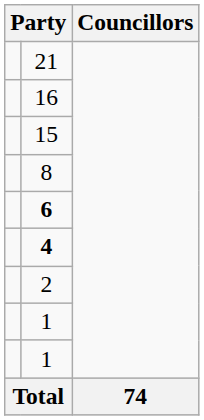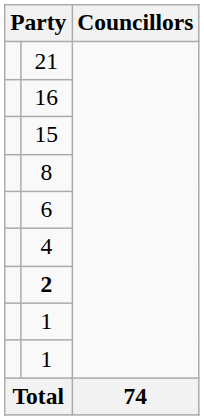 <table class="wikitable">
 <tr>
 <th colspan=2>Party</th>
 <th>Councillors</th>
 </tr>
 <tr>
 <td></td>
 <td align=center>21</td>
 </tr>
 <tr>
 <td></td>
 <td align=center>16</td>
 </tr>
 <tr>
 <td></td>
 <td align=center>15</td>
 </tr>
 <tr>
 <td></td>
 <td align=center>8</td>
 </tr>
 <tr>
 <td></td>
-<td align=center><strong>6</strong></td>
+<td align=center>6</td>
 </tr>
 <tr>
 <td></td>
-<td align=center><strong>4</strong></td>
+<td align=center>4</td>
 </tr>
 <tr>
 <td></td>
-<td align="center">2</td>
+<td align="center"><strong>2</strong></td>
 </tr>
 <tr>
 <td></td>
 <td align=center>1</td>
 </tr>
 <tr>
 <td></td>
 <td align=center>1</td>
 </tr>
 <tr>
 <th colspan=2>Total</th>
 <th align=center>74</th>
 </tr>
 </table>
